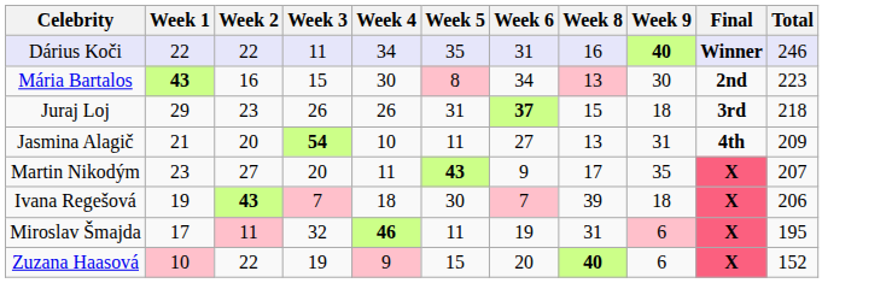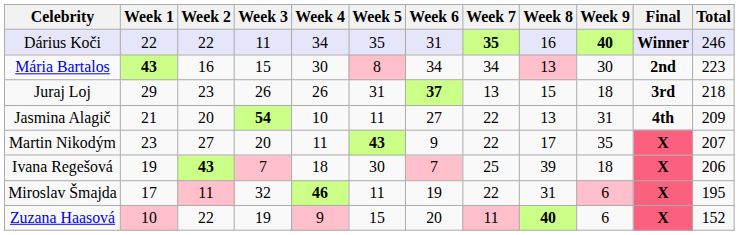 <table class="wikitable sortable" style="text-align:center;">
 <tr>
 <th>Celebrity</th>
 <th>Week 1</th>
 <th>Week 2</th>
 <th>Week 3</th>
 <th>Week 4</th>
 <th>Week 5</th>
 <th>Week 6</th>
+<th>Week 7</th>
 <th>Week 8</th>
 <th>Week 9</th>
 <th>Final</th>
 <th>Total</th>
 </tr>
 <tr style="background:lavender">
 <td>Dárius Koči</td>
 <td>22</td>
 <td>22</td>
 <td>11</td>
 <td>34</td>
 <td>35</td>
 <td>31</td>
+<td style="background:#ccff88"><strong>35</strong></td>
 <td>16</td>
 <td style="background:#ccff88"><strong>40</strong></td>
 <td><strong>Winner</strong></td>
 <td>246</td>
 </tr>
 <tr>
 <td><a href='#'>Mária Bartalos</a></td>
 <td style="background:#ccff88"><strong>43</strong></td>
 <td>16</td>
 <td>15</td>
 <td>30</td>
 <td style="background:pink">8</td>
+<td>34</td>
 <td>34</td>
 <td data-sort-value=1; style="background:pink">13</td>
 <td>30</td>
 <td><strong>2nd</strong></td>
 <td>223</td>
 </tr>
 <tr>
 <td>Juraj Loj</td>
 <td>29</td>
 <td>23</td>
 <td>26</td>
 <td>26</td>
 <td>31</td>
 <td style="background:#ccff88"><strong>37</strong></td>
+<td>13</td>
 <td>15</td>
 <td>18</td>
 <td><strong>3rd</strong></td>
 <td>218</td>
 </tr>
 <tr>
 <td>Jasmina Alagič</td>
 <td>21</td>
 <td>20</td>
 <td style="background:#ccff88"><strong>54</strong></td>
 <td>10</td>
 <td>11</td>
 <td>27</td>
+<td>22</td>
 <td>13</td>
 <td>31</td>
 <td><strong>4th</strong></td>
 <td>209</td>
 </tr>
 <tr>
 <td>Martin Nikodým</td>
 <td>23</td>
 <td>27</td>
 <td>20</td>
 <td>11</td>
 <td style="background:#ccff88"><strong>43</strong></td>
 <td>9</td>
+<td>22</td>
 <td>17</td>
 <td>35</td>
 <td style="background:#FB607F;"><strong>X</strong></td>
 <td>207</td>
 </tr>
 <tr>
 <td>Ivana Regešová</td>
 <td>19</td>
 <td style="background:#ccff88"><strong>43</strong></td>
 <td style="background:pink">7</td>
 <td>18</td>
 <td>30</td>
 <td style="background:pink">7</td>
+<td>25</td>
 <td>39</td>
 <td>18</td>
 <td style="background:#FB607F;"><strong>X</strong></td>
 <td>206</td>
 </tr>
 <tr>
 <td>Miroslav Šmajda</td>
 <td>17</td>
 <td style="background:pink">11</td>
 <td>32</td>
 <td style="background:#ccff88"><strong>46</strong></td>
 <td>11</td>
 <td>19</td>
+<td>22</td>
 <td>31</td>
 <td data-sort-value=1; style="background:pink">6</td>
 <td style="background:#FB607F;"><strong>X</strong></td>
 <td>195</td>
 </tr>
 <tr>
 <td><a href='#'>Zuzana Haasová</a></td>
 <td style="background:pink">10</td>
 <td>22</td>
 <td>19</td>
 <td style="background:pink">9</td>
 <td>15</td>
 <td>20</td>
+<td style="background:pink">11</td>
 <td style="background:#ccff88"><strong>40</strong></td>
 <td>6</td>
 <td style="background:#FB607F;"><strong>X</strong></td>
 <td>152</td>
 </tr>
 </table>
